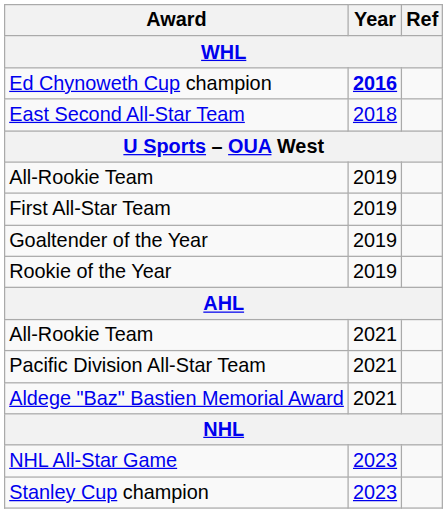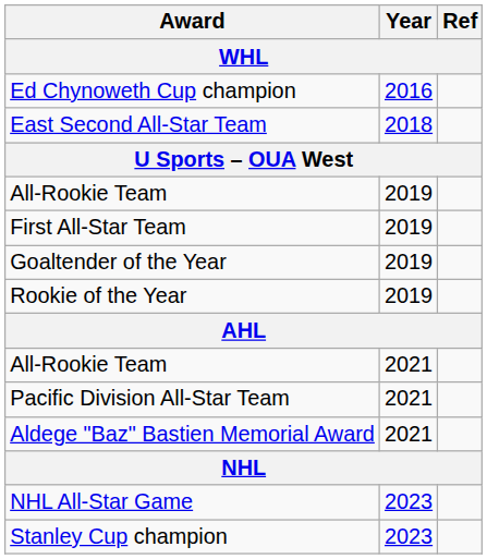 <table class="wikitable">
 <tr>
 <th>Award</th>
 <th>Year</th>
 <th>Ref</th>
 </tr>
 <tr>
 <th colspan="3"><a href='#'>WHL</a></th>
 </tr>
 <tr>
 <td><a href='#'>Ed Chynoweth Cup</a> champion</td>
-<td><strong><a href='#'>2016</a></strong></td>
+<td><a href='#'>2016</a></td>
 <td></td>
 </tr>
 <tr>
 <td><a href='#'>East Second All-Star Team</a></td>
 <td><a href='#'>2018</a></td>
 <td></td>
 </tr>
 <tr>
 <th colspan="3"><a href='#'>U Sports</a> – <a href='#'>OUA</a> West</th>
 </tr>
 <tr>
 <td>All-Rookie Team</td>
 <td>2019</td>
 <td></td>
 </tr>
 <tr>
 <td>First All-Star Team</td>
 <td>2019</td>
 <td></td>
 </tr>
 <tr>
 <td>Goaltender of the Year</td>
 <td>2019</td>
 <td></td>
 </tr>
 <tr>
 <td>Rookie of the Year</td>
 <td>2019</td>
 <td></td>
 </tr>
 <tr>
 <th colspan="3"><a href='#'>AHL</a></th>
 </tr>
 <tr>
 <td>All-Rookie Team</td>
 <td>2021</td>
 <td></td>
 </tr>
 <tr>
 <td>Pacific Division All-Star Team</td>
 <td>2021</td>
 <td></td>
 </tr>
 <tr>
 <td><a href='#'>Aldege "Baz" Bastien Memorial Award</a></td>
 <td>2021</td>
 <td></td>
 </tr>
 <tr>
 <th colspan="3"><a href='#'>NHL</a></th>
 </tr>
 <tr>
 <td><a href='#'>NHL All-Star Game</a></td>
 <td><a href='#'>2023</a></td>
 <td></td>
 </tr>
 <tr>
 <td><a href='#'>Stanley Cup</a> champion</td>
 <td><a href='#'>2023</a></td>
 <td></td>
 </tr>
 </table>
